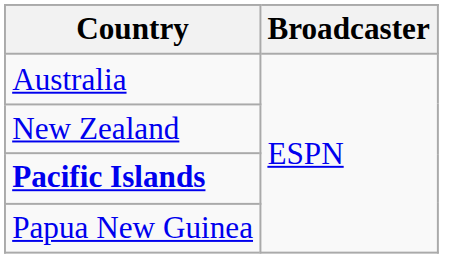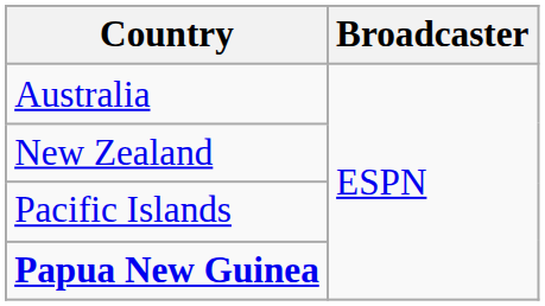 <table class="wikitable">
 <tr>
 <th>Country</th>
 <th>Broadcaster</th>
 </tr>
 <tr>
 <td><a href='#'>Australia</a></td>
 <td rowspan=4><a href='#'>ESPN</a></td>
 </tr>
 <tr>
 <td><a href='#'>New Zealand</a></td>
 </tr>
 <tr>
-<td><strong><a href='#'>Pacific Islands</a></strong></td>
+<td><a href='#'>Pacific Islands</a></td>
 </tr>
 <tr>
-<td> <a href='#'>Papua New Guinea</a></td>
+<td><strong> <a href='#'>Papua New Guinea</a></strong></td>
 </tr>
 </table>
